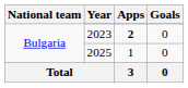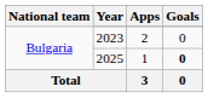 <table class=wikitable style=text-align:center>
 <tr>
 <th>National team</th>
 <th>Year</th>
 <th>Apps</th>
 <th>Goals</th>
 </tr>
 <tr>
 <td rowspan="3"><a href='#'>Bulgaria</a></td>
 </tr>
 <tr>
 <td>2023</td>
-<td><strong>2</strong></td>
+<td>2</td>
 <td>0</td>
 </tr>
 <tr>
 <td>2025</td>
 <td>1</td>
-<td>0</td>
+<td><strong>0</strong></td>
 </tr>
 <tr>
 <th colspan=2>Total</th>
 <th>3</th>
 <th>0</th>
 </tr>
 </table>
